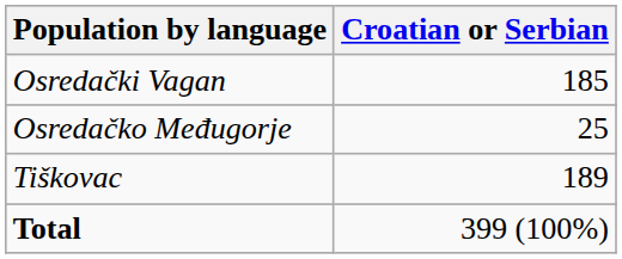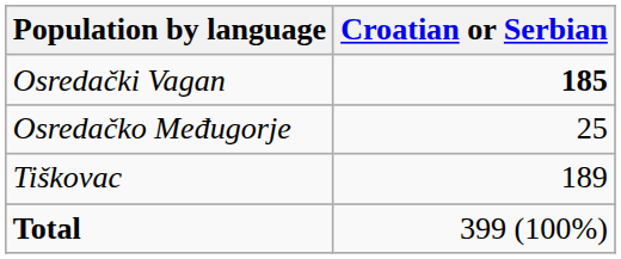 <table class="wikitable sortable">
 <tr>
 <th>Population by language</th>
 <th><a href='#'>Croatian</a> or <a href='#'>Serbian</a></th>
 </tr>
 <tr>
 <td><em>Osredački Vagan</em></td>
-<td align="right">185</td>
+<td align="right"><strong>185</strong></td>
 </tr>
 <tr>
 <td><em>Osredačko Međugorje</em></td>
 <td align="right">25</td>
 </tr>
 <tr>
 <td><em>Tiškovac</em></td>
 <td align="right">189</td>
 </tr>
 <tr>
 <td><strong>Total</strong></td>
 <td align="right">399 (100%)</td>
 </tr>
 </table>
